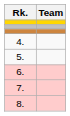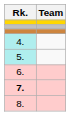 <table class="wikitable" style="border:1px solid #AAAAAA;font-size:90%">
 <tr bgcolor="#E4E4E4">
 <th style="border-bottom:1px solid #AAAAAA" width=40>Rk.</th>
 <th style="border-bottom:1px solid #AAAAAA">Team</th>
 </tr>
 <tr style="background:#ffd700;">
 <td align=center></td>
 <td></td>
 </tr>
 <tr style="background:#c0c0c0;">
 <td align=center></td>
 <td></td>
 </tr>
 <tr style="background:#CD853F;">
 <td align=center></td>
 <td></td>
 </tr>
 <tr>
-<td align=center>4.</td>
+<td align=center style="background: paleturquoise;">4.</td>
 <td></td>
 </tr>
 <tr>
-<td align=center>5.</td>
+<td align=center style="background: paleturquoise;">5.</td>
 <td></td>
 </tr>
 <tr style="background:#ffcccc;">
 <td align=center>6.</td>
 <td></td>
 </tr>
 <tr style="background:#ffcccc;">
-<td align=center>7.</td>
+<td align=center><strong>7.</strong></td>
 <td></td>
 </tr>
 <tr style="background:#ffcccc;">
 <td align=center>8.</td>
 <td></td>
 </tr>
 </table>
